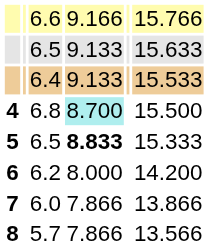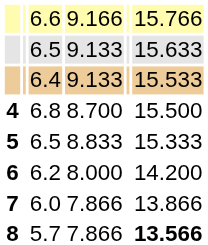 <table>
 <tr style="background:#fffcaf;">
 <th scope=row style="text-align:center"></th>
 <td align=left></td>
 <td>6.6</td>
 <td>9.166</td>
 <td></td>
 <td>15.766</td>
 </tr>
 <tr style="background:#e5e5e5;">
 <th scope=row style="text-align:center"></th>
 <td align=left></td>
 <td>6.5</td>
 <td>9.133</td>
 <td></td>
 <td>15.633</td>
 </tr>
 <tr style="background:#ec9;">
 <th scope=row style="text-align:center"></th>
 <td align=left></td>
 <td>6.4</td>
 <td>9.133</td>
 <td></td>
 <td>15.533</td>
 </tr>
 <tr>
 <th scope=row style="text-align:center">4</th>
 <td align=left></td>
 <td>6.8</td>
-<td style="background: paleturquoise;">8.700</td>
+<td>8.700</td>
 <td></td>
 <td>15.500</td>
 </tr>
 <tr>
 <th scope=row style="text-align:center">5</th>
 <td align=left></td>
 <td>6.5</td>
-<td><strong>8.833</strong></td>
+<td>8.833</td>
 <td></td>
 <td>15.333</td>
 </tr>
 <tr>
 <th scope=row style="text-align:center">6</th>
 <td align=left></td>
 <td>6.2</td>
 <td>8.000</td>
 <td></td>
 <td>14.200</td>
 </tr>
 <tr>
 <th scope=row style="text-align:center">7</th>
 <td align=left></td>
 <td>6.0</td>
 <td>7.866</td>
 <td></td>
 <td>13.866</td>
 </tr>
 <tr>
 <th scope=row style="text-align:center">8</th>
 <td align=left></td>
 <td>5.7</td>
 <td>7.866</td>
 <td></td>
-<td>13.566</td>
+<td><strong>13.566</strong></td>
 </tr>
 </table>
